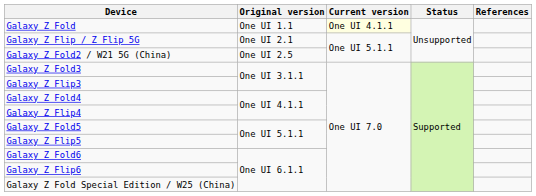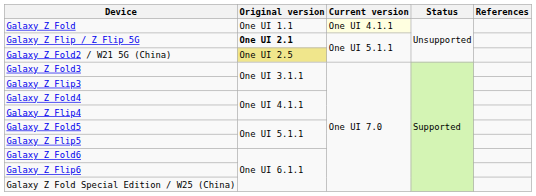 <table class="wikitable">
 <tr>
 <th>Device</th>
 <th>Original version</th>
 <th>Current version</th>
 <th>Status</th>
 <th>References</th>
 </tr>
 <tr>
 <td><a href='#'>Galaxy Z Fold</a></td>
 <td>One UI 1.1</td>
 <td style="background: lightyellow;">One UI 4.1.1</td>
 <td rowspan="3">Unsupported</td>
 <td></td>
 </tr>
 <tr>
 <td><a href='#'>Galaxy Z Flip / Z Flip 5G</a></td>
-<td>One UI 2.1</td>
+<td><strong>One UI 2.1</strong></td>
 <td rowspan="2">One UI 5.1.1</td>
 <td></td>
 </tr>
 <tr>
 <td><a href='#'>Galaxy Z Fold2</a> / W21 5G (China)</td>
-<td>One UI 2.5</td>
+<td style="background: khaki;">One UI 2.5</td>
 <td></td>
 </tr>
 <tr>
 <td><a href='#'>Galaxy Z Fold3</a></td>
 <td rowspan="2">One UI 3.1.1</td>
 <td rowspan="9">One UI 7.0</td>
 <td rowspan="9" style="background: #d4f4b4">Supported</td>
 <td></td>
 </tr>
 <tr>
 <td><a href='#'>Galaxy Z Flip3</a></td>
 <td></td>
 </tr>
 <tr>
 <td><a href='#'>Galaxy Z Fold4</a></td>
 <td rowspan="2">One UI 4.1.1</td>
 <td></td>
 </tr>
 <tr>
 <td><a href='#'>Galaxy Z Flip4</a></td>
 <td></td>
 </tr>
 <tr>
 <td><a href='#'>Galaxy Z Fold5</a></td>
 <td rowspan="2">One UI 5.1.1</td>
 <td></td>
 </tr>
 <tr>
 <td><a href='#'>Galaxy Z Flip5</a></td>
 <td></td>
 </tr>
 <tr>
 <td><a href='#'>Galaxy Z Fold6</a></td>
 <td rowspan="3">One UI 6.1.1</td>
 <td></td>
 </tr>
 <tr>
 <td><a href='#'>Galaxy Z Flip6</a></td>
 <td></td>
 </tr>
 <tr>
 <td>Galaxy Z Fold Special Edition / W25 (China)</td>
 <td></td>
 </tr>
 </table>
